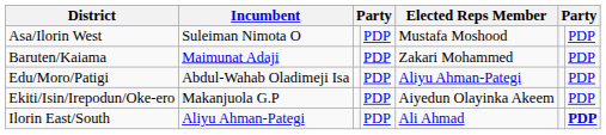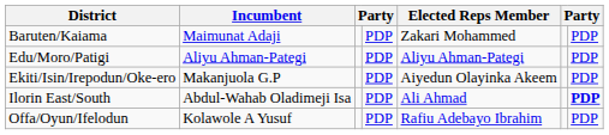 <table class="sortable wikitable" style="font-size:95%;line-height:14px;">
 <tr>
 <th class="unsortable">District</th>
 <th class="unsortable"><a href='#'>Incumbent</a></th>
 <th colspan="2">Party</th>
 <th class="unsortable">Elected Reps Member</th>
 <th colspan="2">Party</th>
-</tr>
-<tr>
-<td>Asa/Ilorin West</td>
-<td>Suleiman Nimota O</td>
-<td style="background:"></td>
-<td><a href='#'>PDP</a></td>
-<td>Mustafa Moshood</td>
-<td style="background:"></td>
-<td><a href='#'>PDP</a></td>
 </tr>
 <tr>
 <td>Baruten/Kaiama</td>
 <td><a href='#'>Maimunat Adaji</a></td>
 <td style="background:"></td>
 <td><a href='#'>PDP</a></td>
 <td>Zakari Mohammed</td>
 <td style="background:"></td>
 <td><a href='#'>PDP</a></td>
 </tr>
 <tr>
 <td>Edu/Moro/Patigi</td>
-<td>Abdul-Wahab Oladimeji Isa</td>
+<td><a href='#'>Aliyu Ahman-Pategi</a></td>
 <td style="background:"></td>
 <td><a href='#'>PDP</a></td>
 <td><a href='#'>Aliyu Ahman-Pategi</a></td>
 <td style="background:"></td>
 <td><a href='#'>PDP</a></td>
 </tr>
 <tr>
 <td>Ekiti/Isin/Irepodun/Oke-ero</td>
 <td>Makanjuola G.P</td>
 <td style="background:"></td>
 <td><a href='#'>PDP</a></td>
 <td>Aiyedun Olayinka Akeem</td>
 <td style="background:"></td>
 <td><a href='#'>PDP</a></td>
 </tr>
 <tr>
 <td>Ilorin East/South</td>
-<td><a href='#'>Aliyu Ahman-Pategi</a></td>
+<td>Abdul-Wahab Oladimeji Isa</td>
 <td style="background:"></td>
 <td><a href='#'>PDP</a></td>
 <td><a href='#'>Ali Ahmad</a></td>
 <td style="background:"></td>
 <td><strong><a href='#'>PDP</a></strong></td>
 </tr>
+<tr>
+<td>Offa/Oyun/Ifelodun</td>
+<td>Kolawole A Yusuf</td>
+<td style="background:"></td>
+<td><a href='#'>PDP</a></td>
+<td><a href='#'>Rafiu Adebayo Ibrahim</a></td>
+<td style="background:"></td>
+<td><a href='#'>PDP</a></td>
+</tr>
 </table>
